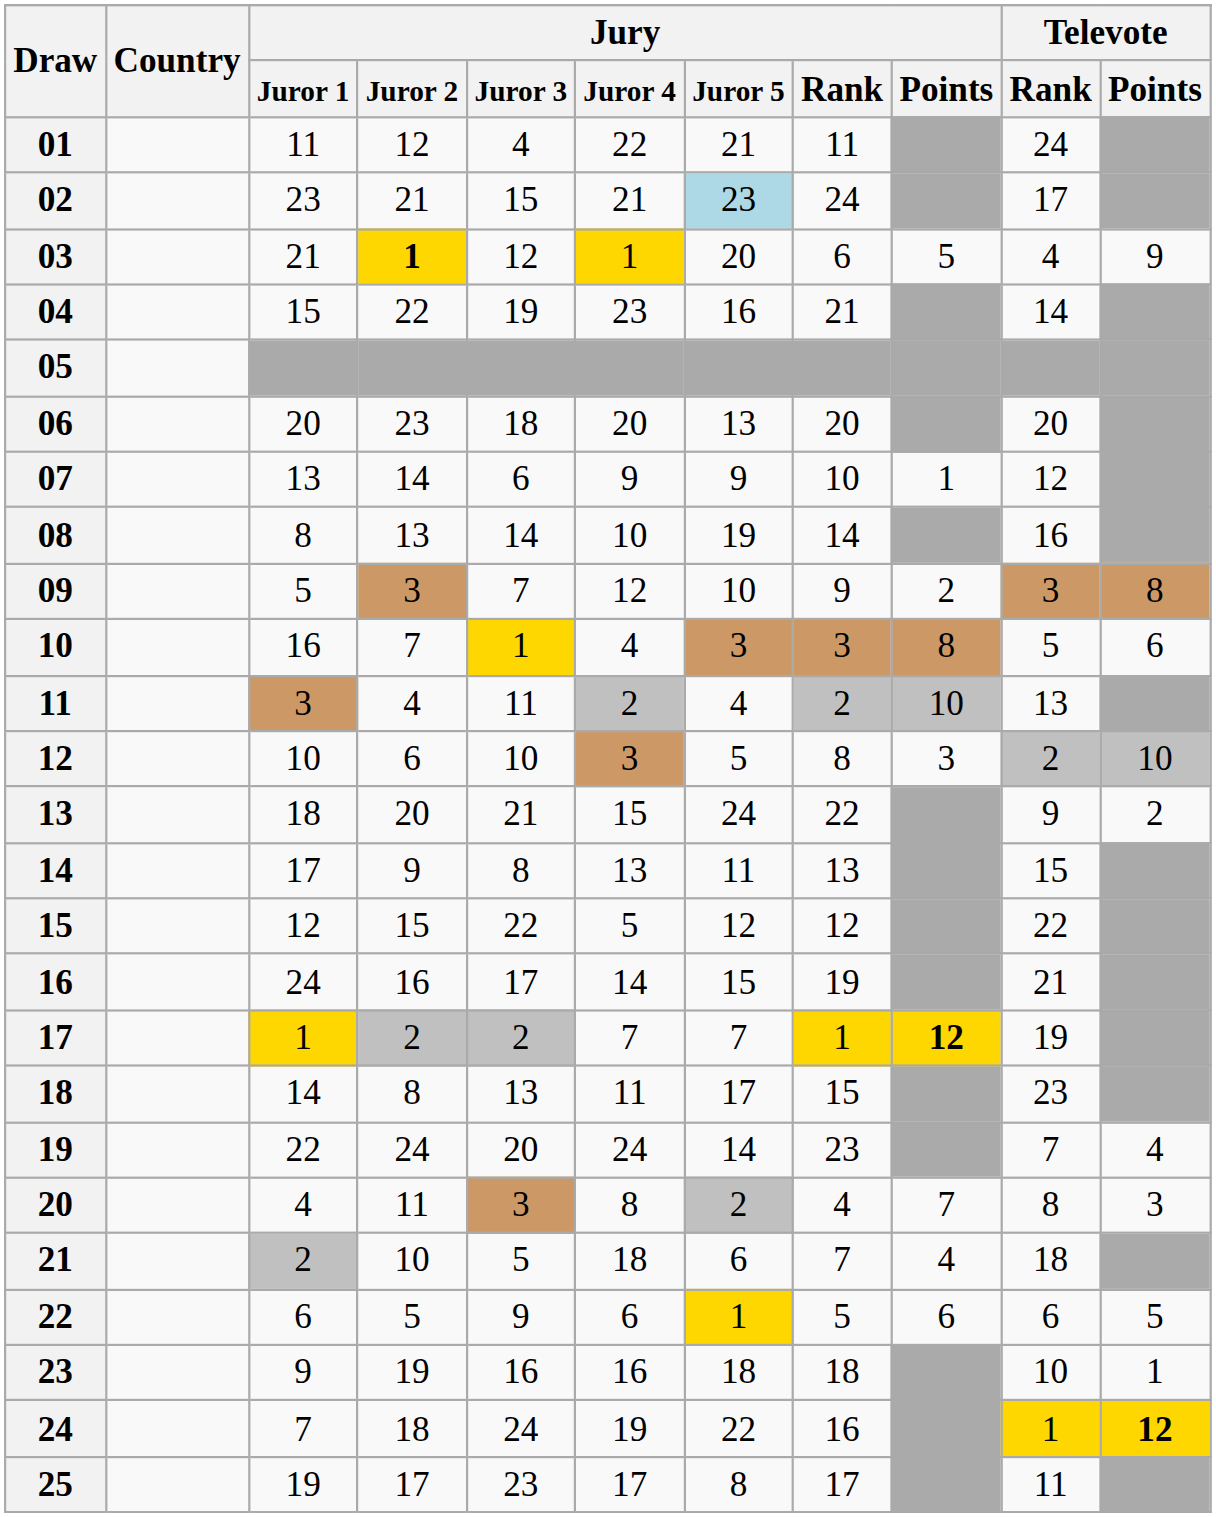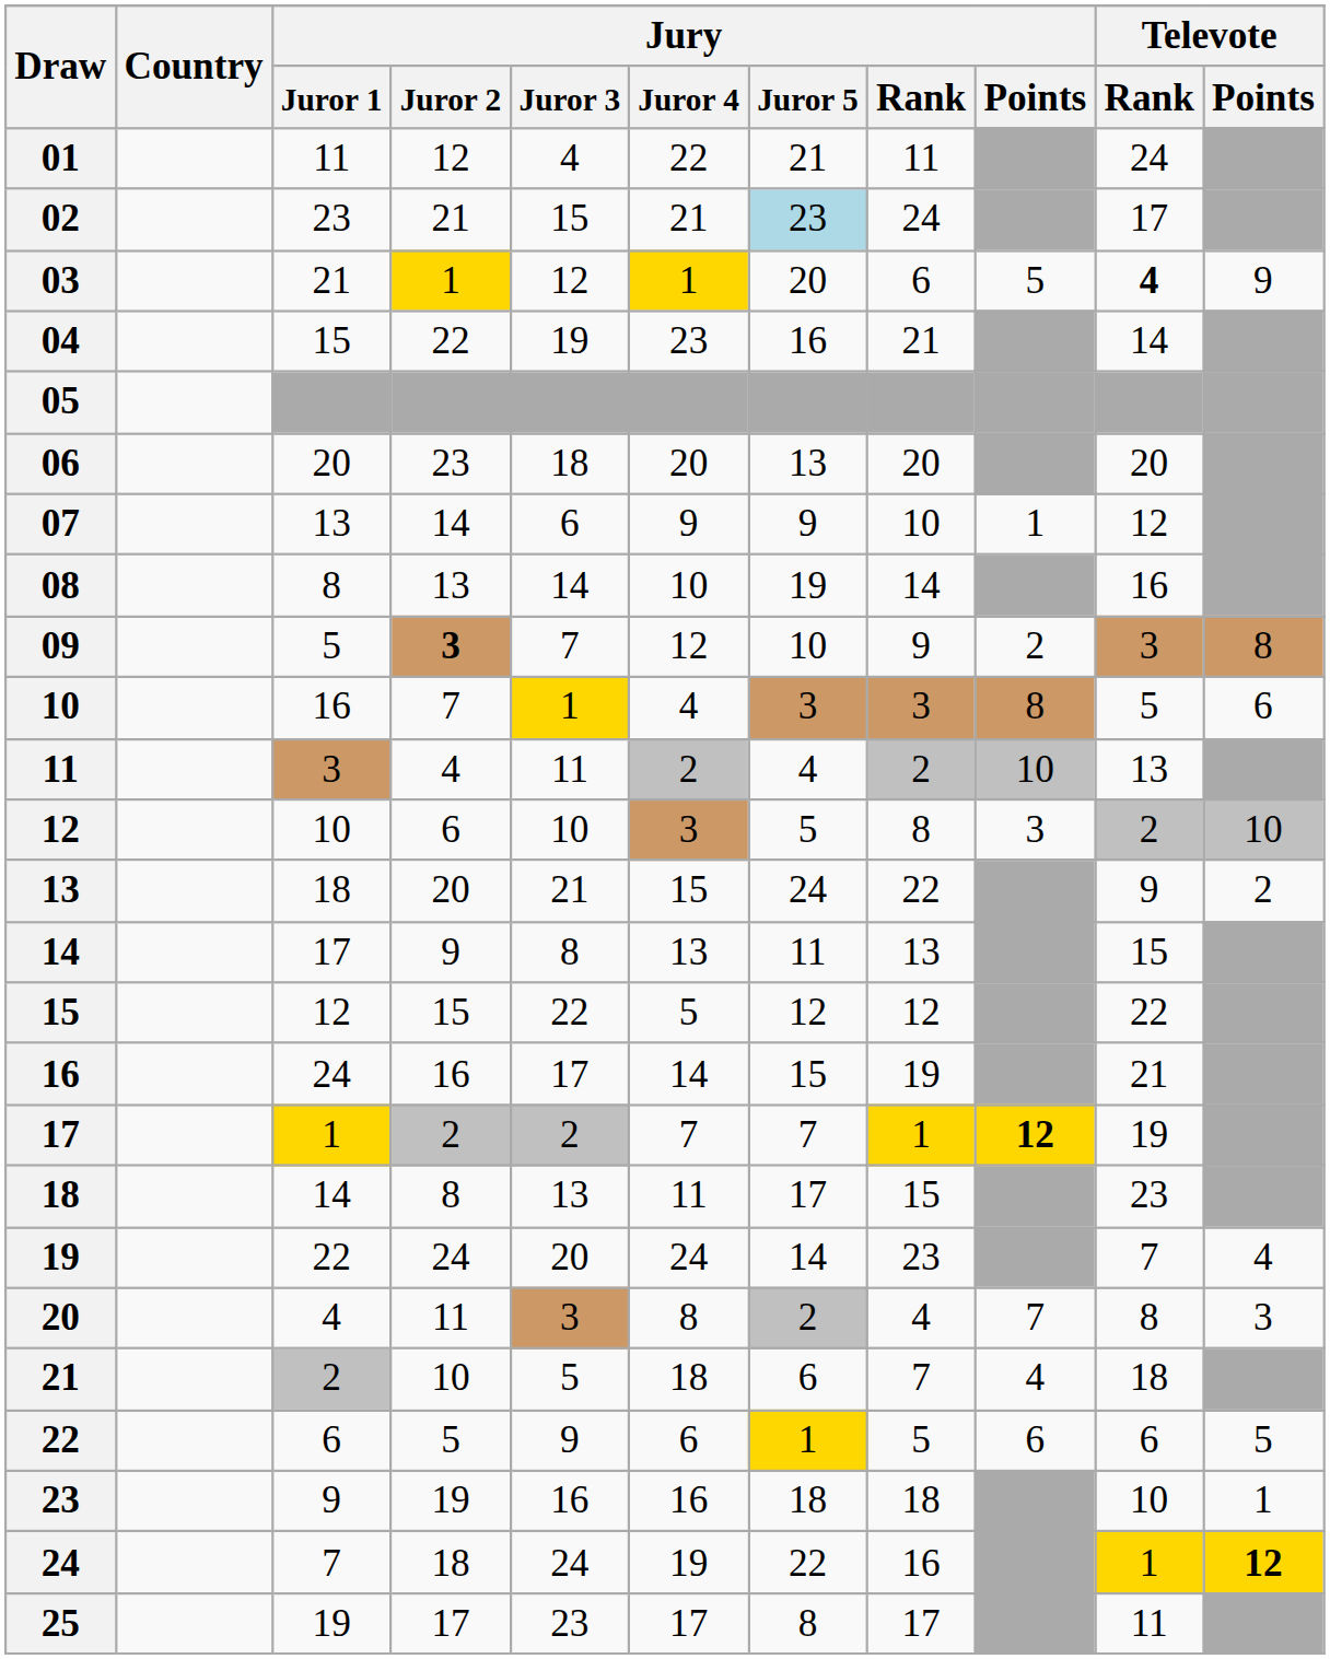 <table class="sortable wikitable collapsible plainrowheaders" style="text-align:center;">
 <tr>
 </tr>
 <tr>
 <th scope="col" rowspan="2">Draw</th>
 <th scope="col" rowspan="2">Country</th>
 <th scope="col" colspan="7">Jury</th>
 <th scope="col" colspan="2">Televote</th>
 </tr>
 <tr>
 <th scope="col"><small>Juror 1</small></th>
 <th scope="col"><small>Juror 2</small></th>
 <th scope="col"><small>Juror 3</small></th>
 <th scope="col"><small>Juror 4</small></th>
 <th scope="col"><small>Juror 5</small></th>
 <th scope="col">Rank</th>
 <th scope="col">Points</th>
 <th scope="col">Rank</th>
 <th scope="col">Points</th>
 </tr>
 <tr>
 <th scope="row" style="text-align:center;">01</th>
 <td style="text-align:left;"></td>
 <td>11</td>
 <td>12</td>
 <td>4</td>
 <td>22</td>
 <td>21</td>
 <td>11</td>
 <td style="background:#AAAAAA;"></td>
 <td>24</td>
 <td style="background:#AAAAAA;"></td>
 </tr>
 <tr>
 <th scope="row" style="text-align:center;">02</th>
 <td style="text-align:left;"></td>
 <td>23</td>
 <td>21</td>
 <td>15</td>
 <td>21</td>
 <td style="background: lightblue;">23</td>
 <td>24</td>
 <td style="background:#AAAAAA;"></td>
 <td>17</td>
 <td style="background:#AAAAAA;"></td>
 </tr>
 <tr>
 <th scope="row" style="text-align:center;">03</th>
 <td style="text-align:left;"></td>
 <td>21</td>
-<td style="background:gold;"><strong>1</strong></td>
+<td style="background:gold;">1</td>
 <td>12</td>
 <td style="background:gold;">1</td>
 <td>20</td>
 <td>6</td>
 <td>5</td>
-<td>4</td>
+<td><strong>4</strong></td>
 <td>9</td>
 </tr>
 <tr>
 <th scope="row" style="text-align:center;">04</th>
 <td style="text-align:left;"></td>
 <td>15</td>
 <td>22</td>
 <td>19</td>
 <td>23</td>
 <td>16</td>
 <td>21</td>
 <td style="background:#AAAAAA;"></td>
 <td>14</td>
 <td style="background:#AAAAAA;"></td>
 </tr>
 <tr class="sortbottom">
 <th scope="row" style="text-align:center;">05</th>
 <td style="text-align:left;"></td>
 <td style="background:#AAAAAA;"></td>
 <td style="background:#AAAAAA;"></td>
 <td style="background:#AAAAAA;"></td>
 <td style="background:#AAAAAA;"></td>
 <td style="background:#AAAAAA;"></td>
 <td style="background:#AAAAAA;"></td>
 <td style="background:#AAAAAA;"></td>
 <td style="background:#AAAAAA;"></td>
 <td style="background:#AAAAAA;"></td>
 </tr>
 <tr>
 <th scope="row" style="text-align:center;">06</th>
 <td style="text-align:left;"></td>
 <td>20</td>
 <td>23</td>
 <td>18</td>
 <td>20</td>
 <td>13</td>
 <td>20</td>
 <td style="background:#AAAAAA;"></td>
 <td>20</td>
 <td style="background:#AAAAAA;"></td>
 </tr>
 <tr>
 <th scope="row" style="text-align:center;">07</th>
 <td style="text-align:left;"></td>
 <td>13</td>
 <td>14</td>
 <td>6</td>
 <td>9</td>
 <td>9</td>
 <td>10</td>
 <td>1</td>
 <td>12</td>
 <td style="background:#AAAAAA;"></td>
 </tr>
 <tr>
 <th scope="row" style="text-align:center;">08</th>
 <td style="text-align:left;"></td>
 <td>8</td>
 <td>13</td>
 <td>14</td>
 <td>10</td>
 <td>19</td>
 <td>14</td>
 <td style="background:#AAAAAA;"></td>
 <td>16</td>
 <td style="background:#AAAAAA;"></td>
 </tr>
 <tr>
 <th scope="row" style="text-align:center;">09</th>
 <td style="text-align:left;"></td>
 <td>5</td>
-<td style="background:#CC9966;">3</td>
+<td style="background:#CC9966;"><strong>3</strong></td>
 <td>7</td>
 <td>12</td>
 <td>10</td>
 <td>9</td>
 <td>2</td>
 <td style="background:#CC9966;">3</td>
 <td style="background:#CC9966;">8</td>
 </tr>
 <tr>
 <th scope="row" style="text-align:center;">10</th>
 <td style="text-align:left;"></td>
 <td>16</td>
 <td>7</td>
 <td style="background:gold;">1</td>
 <td>4</td>
 <td style="background:#CC9966;">3</td>
 <td style="background:#CC9966;">3</td>
 <td style="background:#CC9966;">8</td>
 <td>5</td>
 <td>6</td>
 </tr>
 <tr>
 <th scope="row" style="text-align:center;">11</th>
 <td style="text-align:left;"></td>
 <td style="background:#CC9966;">3</td>
 <td>4</td>
 <td>11</td>
 <td style="background:silver;">2</td>
 <td>4</td>
 <td style="background:silver;">2</td>
 <td style="background:silver;">10</td>
 <td>13</td>
 <td style="background:#AAAAAA;"></td>
 </tr>
 <tr>
 <th scope="row" style="text-align:center;">12</th>
 <td style="text-align:left;"></td>
 <td>10</td>
 <td>6</td>
 <td>10</td>
 <td style="background:#CC9966;">3</td>
 <td>5</td>
 <td>8</td>
 <td>3</td>
 <td style="background:silver;">2</td>
 <td style="background:silver;">10</td>
 </tr>
 <tr>
 <th scope="row" style="text-align:center;">13</th>
 <td style="text-align:left;"></td>
 <td>18</td>
 <td>20</td>
 <td>21</td>
 <td>15</td>
 <td>24</td>
 <td>22</td>
 <td style="background:#AAAAAA;"></td>
 <td>9</td>
 <td>2</td>
 </tr>
 <tr>
 <th scope="row" style="text-align:center;">14</th>
 <td style="text-align:left;"></td>
 <td>17</td>
 <td>9</td>
 <td>8</td>
 <td>13</td>
 <td>11</td>
 <td>13</td>
 <td style="background:#AAAAAA;"></td>
 <td>15</td>
 <td style="background:#AAAAAA;"></td>
 </tr>
 <tr>
 <th scope="row" style="text-align:center;">15</th>
 <td style="text-align:left;"></td>
 <td>12</td>
 <td>15</td>
 <td>22</td>
 <td>5</td>
 <td>12</td>
 <td>12</td>
 <td style="background:#AAAAAA;"></td>
 <td>22</td>
 <td style="background:#AAAAAA;"></td>
 </tr>
 <tr>
 <th scope="row" style="text-align:center;">16</th>
 <td style="text-align:left;"></td>
 <td>24</td>
 <td>16</td>
 <td>17</td>
 <td>14</td>
 <td>15</td>
 <td>19</td>
 <td style="background:#AAAAAA;"></td>
 <td>21</td>
 <td style="background:#AAAAAA;"></td>
 </tr>
 <tr>
 <th scope="row" style="text-align:center;">17</th>
 <td style="text-align:left;"></td>
 <td style="background:gold;">1</td>
 <td style="background:silver;">2</td>
 <td style="background:silver;">2</td>
 <td>7</td>
 <td>7</td>
 <td style="background:gold;">1</td>
 <td style="background:gold;"><strong>12</strong></td>
 <td>19</td>
 <td style="background:#AAAAAA;"></td>
 </tr>
 <tr>
 <th scope="row" style="text-align:center;">18</th>
 <td style="text-align:left;"></td>
 <td>14</td>
 <td>8</td>
 <td>13</td>
 <td>11</td>
 <td>17</td>
 <td>15</td>
 <td style="background:#AAAAAA;"></td>
 <td>23</td>
 <td style="background:#AAAAAA;"></td>
 </tr>
 <tr>
 <th scope="row" style="text-align:center;">19</th>
 <td style="text-align:left;"></td>
 <td>22</td>
 <td>24</td>
 <td>20</td>
 <td>24</td>
 <td>14</td>
 <td>23</td>
 <td style="background:#AAAAAA;"></td>
 <td>7</td>
 <td>4</td>
 </tr>
 <tr>
 <th scope="row" style="text-align:center;">20</th>
 <td style="text-align:left;"></td>
 <td>4</td>
 <td>11</td>
 <td style="background:#CC9966;">3</td>
 <td>8</td>
 <td style="background:silver;">2</td>
 <td>4</td>
 <td>7</td>
 <td>8</td>
 <td>3</td>
 </tr>
 <tr>
 <th scope="row" style="text-align:center;">21</th>
 <td style="text-align:left;"></td>
 <td style="background:silver;">2</td>
 <td>10</td>
 <td>5</td>
 <td>18</td>
 <td>6</td>
 <td>7</td>
 <td>4</td>
 <td>18</td>
 <td style="background:#AAAAAA;"></td>
 </tr>
 <tr>
 <th scope="row" style="text-align:center;">22</th>
 <td style="text-align:left;"></td>
 <td>6</td>
 <td>5</td>
 <td>9</td>
 <td>6</td>
 <td style="background:gold;">1</td>
 <td>5</td>
 <td>6</td>
 <td>6</td>
 <td>5</td>
 </tr>
 <tr>
 <th scope="row" style="text-align:center;">23</th>
 <td style="text-align:left;"></td>
 <td>9</td>
 <td>19</td>
 <td>16</td>
 <td>16</td>
 <td>18</td>
 <td>18</td>
 <td style="background:#AAAAAA;"></td>
 <td>10</td>
 <td>1</td>
 </tr>
 <tr>
 <th scope="row" style="text-align:center;">24</th>
 <td style="text-align:left;"></td>
 <td>7</td>
 <td>18</td>
 <td>24</td>
 <td>19</td>
 <td>22</td>
 <td>16</td>
 <td style="background:#AAAAAA;"></td>
 <td style="background:gold;">1</td>
 <td style="background:gold;"><strong>12</strong></td>
 </tr>
 <tr>
 <th scope="row" style="text-align:center;">25</th>
 <td style="text-align:left;"></td>
 <td>19</td>
 <td>17</td>
 <td>23</td>
 <td>17</td>
 <td>8</td>
 <td>17</td>
 <td style="background:#AAAAAA;"></td>
 <td>11</td>
 <td style="background:#AAAAAA;"></td>
 </tr>
 </table>
